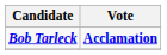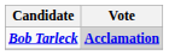 <table class="wikitable">
 <tr>
 <th>Candidate</th>
 <th>Vote</th>
 </tr>
 <tr>
 <td><strong><em><a href='#'>Bob Tarleck</a></em></strong></td>
-<td><strong><a href='#'>Acclamation</a></strong></td>
+<td style="background: lightgrey;"><strong><a href='#'>Acclamation</a></strong></td>
 </tr>
 <tr>
 </tr>
 </table>
